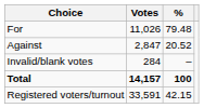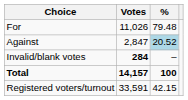 <table class="wikitable" style="text-align:right">
 <tr>
 <th>Choice</th>
 <th>Votes</th>
 <th>%</th>
 <th></th>
 </tr>
 <tr>
 <td align="left">For</td>
 <td>11,026</td>
 <td>79.48</td>
 <td rowspan="5"></td>
 </tr>
 <tr>
 <td align="left">Against</td>
 <td>2,847</td>
-<td>20.52</td>
+<td style="background: lightblue;">20.52</td>
 </tr>
 <tr>
 <td align="left">Invalid/blank votes</td>
-<td>284</td>
+<td><strong>284</strong></td>
 <td>–</td>
 </tr>
 <tr>
 <td align="left"><strong>Total</strong></td>
 <td><strong>14,157</strong></td>
 <td><strong>100</strong></td>
 </tr>
 <tr>
 <td align="left">Registered voters/turnout</td>
 <td>33,591</td>
 <td>42.15</td>
 </tr>
 </table>
